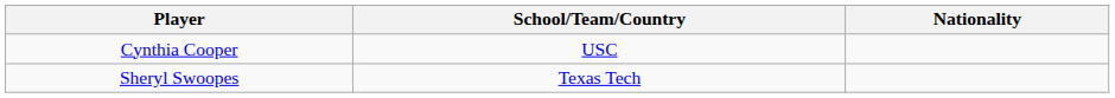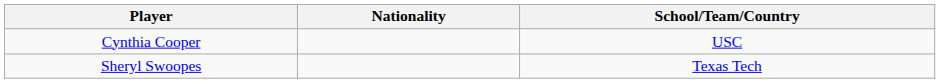 <table class="wikitable" style="text-align:center; width:60em">
 <tr>
 <th>Player</th>
+<th>Nationality</th>
 <th>School/Team/Country</th>
-<th>Nationality</th>
 </tr>
 <tr>
 <td><a href='#'>Cynthia Cooper</a></td>
+<td></td>
 <td><a href='#'>USC</a></td>
-<td></td>
 </tr>
 <tr>
 <td><a href='#'>Sheryl Swoopes</a></td>
+<td></td>
 <td><a href='#'>Texas Tech</a></td>
-<td></td>
 </tr>
 </table>
